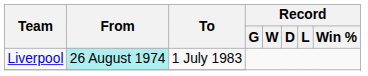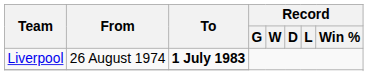 <table class="wikitable" style="text-align: center">
 <tr>
 <th rowspan="2">Team</th>
 <th rowspan="2">From</th>
 <th rowspan="2">To</th>
 <th colspan="9">Record</th>
 </tr>
 <tr>
 <th>G</th>
 <th>W</th>
 <th>D</th>
 <th>L</th>
 <th>Win %</th>
 </tr>
 <tr>
 <td align="left"><a href='#'>Liverpool</a></td>
-<td align="left" style="background: paleturquoise;">26 August 1974</td>
-<td align="left">1 July 1983<br></td>
+<td align="left">26 August 1974</td>
+<td align="left"><strong>1 July 1983<br></strong></td>
 </tr>
 <tr>
 </tr>
 </table>
